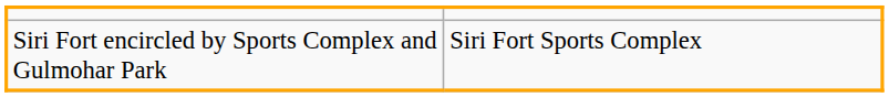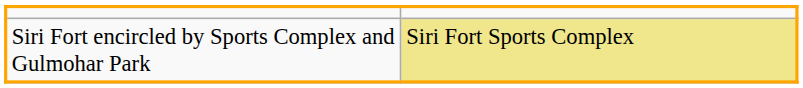 <table class="wikitable" align="right" width="40%" style="font-size:90%; border:2px solid orange;">
 <tr>
 <td width="40%" align="center" valign="center"></td>
 <td width="40%" align="center" valign="center"></td>
 </tr>
 <tr>
 <td valign="top">Siri Fort encircled by Sports Complex and Gulmohar Park</td>
-<td valign="top">Siri Fort Sports Complex</td>
+<td valign="top" style="background: khaki;">Siri Fort Sports Complex</td>
 </tr>
 <tr>
 </tr>
 </table>
